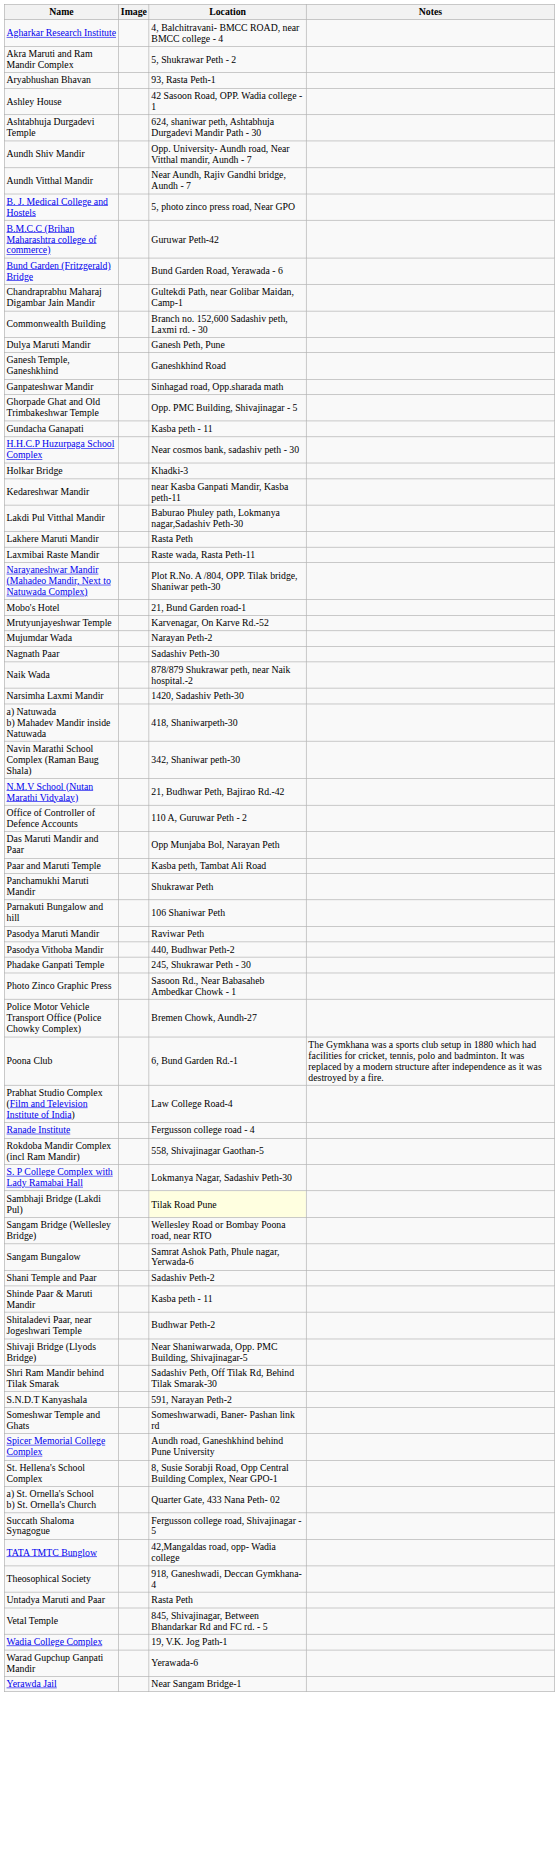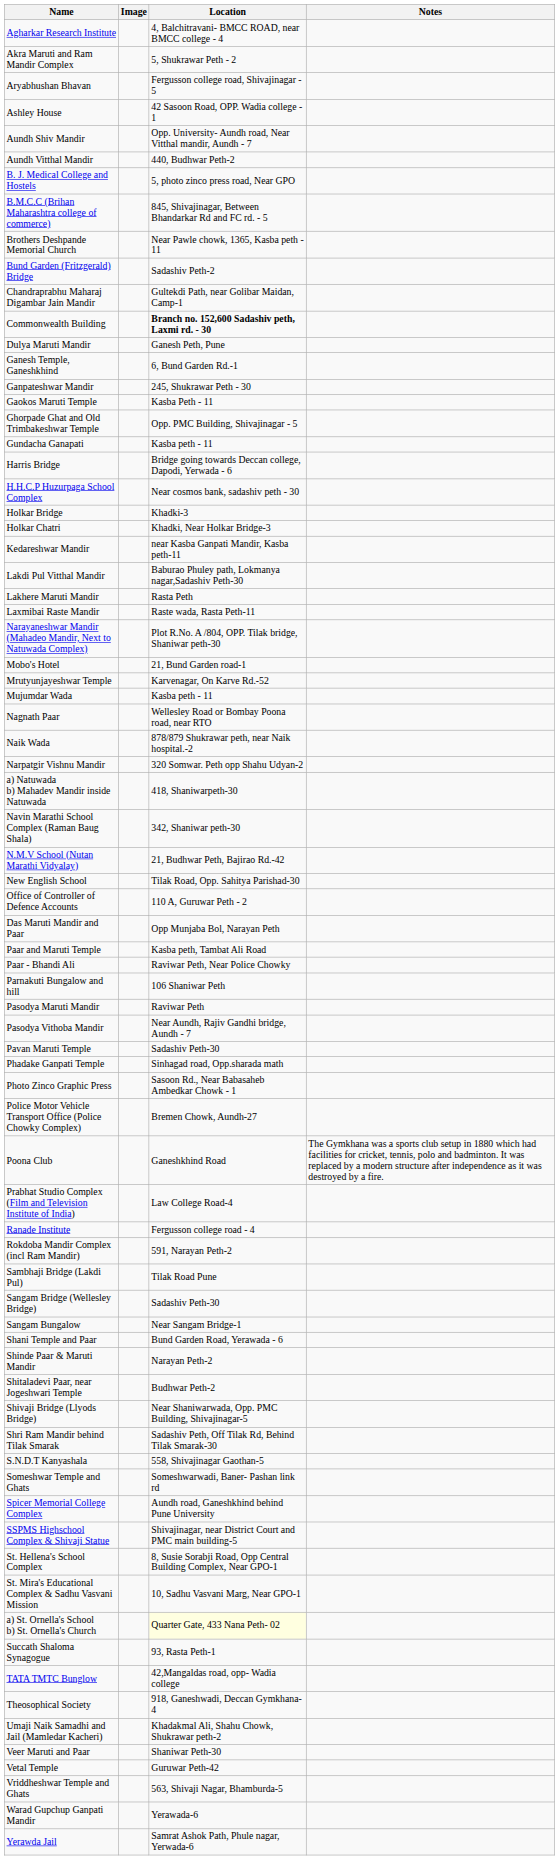 <table class="wikitable sortable">
 <tr>
 <th style="width:180px;">Name</th>
 <th class="unsortable">Image</th>
 <th style="width:250px;">Location</th>
 <th style="width:400px;"class="unsortable">Notes</th>
 </tr>
 <tr>
 <td><a href='#'>Agharkar Research Institute</a></td>
 <td></td>
 <td>4, Balchitravani- BMCC ROAD, near BMCC college - 4<br><small></small></td>
 <td></td>
 </tr>
 <tr>
 <td>Akra Maruti and Ram Mandir Complex</td>
 <td></td>
 <td>5, Shukrawar Peth - 2<br><small></small></td>
 <td></td>
 </tr>
 <tr>
 <td>Aryabhushan Bhavan</td>
 <td></td>
-<td>93, Rasta Peth-1<br><small></small></td>
+<td>Fergusson college road, Shivajinagar - 5<br><small></small></td>
 <td></td>
 </tr>
 <tr>
 <td>Ashley House</td>
 <td></td>
 <td>42 Sasoon Road, OPP. Wadia college - 1<br><small></small></td>
-<td></td>
-</tr>
-<tr>
-<td>Ashtabhuja Durgadevi Temple</td>
-<td></td>
-<td>624, shaniwar peth, Ashtabhuja Durgadevi Mandir Path - 30<br><small></small></td>
 <td></td>
 </tr>
 <tr>
 <td>Aundh Shiv Mandir</td>
 <td></td>
 <td>Opp. University- Aundh road, Near Vitthal mandir, Aundh - 7<br><small></small></td>
 <td></td>
 </tr>
 <tr>
 <td>Aundh Vitthal Mandir</td>
 <td></td>
-<td>Near Aundh, Rajiv Gandhi bridge, Aundh - 7<br><small></small></td>
+<td>440, Budhwar Peth-2<br><small></small></td>
 <td></td>
 </tr>
 <tr>
 <td><a href='#'>B. J. Medical College and Hostels</a></td>
 <td></td>
 <td>5, photo zinco press road, Near GPO<br><small></small></td>
 <td></td>
 </tr>
 <tr>
 <td><a href='#'>B.M.C.C (Brihan Maharashtra college of commerce)</a></td>
 <td></td>
-<td>Guruwar Peth-42<br><small></small></td>
+<td>845, Shivajinagar, Between Bhandarkar Rd and FC rd. - 5<br><small></small></td>
+<td></td>
+</tr>
+<tr>
+<td>Brothers Deshpande Memorial Church</td>
+<td></td>
+<td>Near Pawle chowk, 1365, Kasba peth - 11<br><small></small></td>
 <td></td>
 </tr>
 <tr>
 <td><a href='#'>Bund Garden (Fritzgerald) Bridge</a></td>
 <td></td>
-<td>Bund Garden Road, Yerawada - 6<br><small></small></td>
+<td>Sadashiv Peth-2<br><small></small></td>
 <td></td>
 </tr>
 <tr>
 <td>Chandraprabhu Maharaj Digambar Jain Mandir</td>
 <td></td>
 <td>Gultekdi Path, near Golibar Maidan, Camp-1<br><small></small></td>
 <td></td>
 </tr>
 <tr>
 <td>Commonwealth Building</td>
 <td></td>
-<td>Branch no. 152,600 Sadashiv peth, Laxmi rd. - 30<br><small></small></td>
+<td><strong>Branch no. 152,600 Sadashiv peth, Laxmi rd. - 30<br><small></small></strong></td>
 <td></td>
 </tr>
 <tr>
 <td>Dulya Maruti Mandir</td>
 <td></td>
 <td>Ganesh Peth, Pune<br><small></small></td>
 <td></td>
 </tr>
 <tr>
 <td>Ganesh Temple, Ganeshkhind</td>
 <td></td>
-<td>Ganeshkhind Road<br><small></small></td>
+<td>6, Bund Garden Rd.-1<br><small></small></td>
 <td></td>
 </tr>
 <tr>
 <td>Ganpateshwar Mandir</td>
 <td></td>
-<td>Sinhagad road, Opp.sharada math<br><small></small></td>
+<td>245, Shukrawar Peth - 30</td>
+<td></td>
+</tr>
+<tr>
+<td>Gaokos Maruti Temple</td>
+<td></td>
+<td>Kasba Peth - 11<br><small></small></td>
 <td></td>
 </tr>
 <tr>
 <td>Ghorpade Ghat and Old Trimbakeshwar Temple</td>
 <td></td>
 <td>Opp. PMC Building, Shivajinagar - 5<br><small></small></td>
 <td></td>
 </tr>
 <tr>
 <td>Gundacha Ganapati</td>
 <td></td>
 <td>Kasba peth - 11<br><small></small></td>
 <td></td>
 </tr>
 <tr>
+<td>Harris Bridge</td>
+<td></td>
+<td>Bridge going towards Deccan college, Dapodi, Yerwada - 6<br><small></small></td>
+<td></td>
+</tr>
+<tr>
 <td><a href='#'>H.H.C.P Huzurpaga School Complex</a></td>
 <td></td>
 <td>Near cosmos bank, sadashiv peth - 30<br><small></small></td>
 <td></td>
 </tr>
 <tr>
 <td>Holkar Bridge</td>
 <td></td>
 <td>Khadki-3<br><small></small></td>
+<td></td>
+</tr>
+<tr>
+<td>Holkar Chatri</td>
+<td></td>
+<td>Khadki, Near Holkar Bridge-3<br><small></small></td>
 <td></td>
 </tr>
 <tr>
 <td>Kedareshwar Mandir</td>
 <td></td>
 <td>near Kasba Ganpati Mandir, Kasba peth-11<br><small></small></td>
 <td></td>
 </tr>
 <tr>
 <td>Lakdi Pul Vitthal Mandir</td>
 <td></td>
 <td>Baburao Phuley path, Lokmanya nagar,Sadashiv Peth-30<br><small></small></td>
 <td></td>
 </tr>
 <tr>
 <td>Lakhere Maruti Mandir</td>
 <td></td>
 <td>Rasta Peth<br><small></small></td>
 <td></td>
 </tr>
 <tr>
 <td>Laxmibai Raste Mandir</td>
 <td></td>
 <td>Raste wada, Rasta Peth-11<br><small></small></td>
 <td></td>
 </tr>
 <tr>
 <td><a href='#'>Narayaneshwar Mandir (Mahadeo Mandir, Next to Natuwada Complex)</a></td>
 <td></td>
 <td>Plot R.No. A /804, OPP. Tilak bridge, Shaniwar peth-30<br><small></small></td>
 <td></td>
 </tr>
 <tr>
 <td>Mobo's Hotel</td>
 <td></td>
 <td>21, Bund Garden road-1<br><small></small></td>
 <td></td>
 </tr>
 <tr>
 <td>Mrutyunjayeshwar Temple</td>
 <td></td>
 <td>Karvenagar, On Karve Rd.-52<br><small></small></td>
 <td></td>
 </tr>
 <tr>
 <td>Mujumdar Wada</td>
 <td></td>
-<td>Narayan Peth-2<br><small></small></td>
+<td>Kasba peth - 11<br><small></small></td>
 <td></td>
 </tr>
 <tr>
 <td>Nagnath Paar</td>
 <td></td>
-<td>Sadashiv Peth-30<br><small></small></td>
+<td>Wellesley Road or Bombay Poona road, near RTO<br><small></small></td>
 <td></td>
 </tr>
 <tr>
 <td>Naik Wada</td>
 <td></td>
 <td>878/879 Shukrawar peth, near Naik hospital.-2<br><small></small></td>
 <td></td>
 </tr>
 <tr>
-<td>Narsimha Laxmi Mandir</td>
+<td>Narpatgir Vishnu Mandir</td>
 <td></td>
-<td>1420, Sadashiv Peth-30<br><small></small></td>
+<td>320 Somwar. Peth opp Shahu Udyan-2<br><small></small></td>
 <td></td>
 </tr>
 <tr>
 <td>a) Natuwada<br>b) Mahadev Mandir inside Natuwada</td>
 <td></td>
 <td>418, Shaniwarpeth-30<br><small></small></td>
 <td></td>
 </tr>
 <tr>
 <td>Navin Marathi School Complex (Raman Baug Shala)</td>
 <td></td>
 <td>342, Shaniwar peth-30<br><small></small></td>
 <td></td>
 </tr>
 <tr>
 <td><a href='#'>N.M.V School (Nutan Marathi Vidyalay)</a></td>
 <td></td>
 <td>21, Budhwar Peth, Bajirao Rd.-42<br><small></small></td>
 <td></td>
 </tr>
 <tr>
+<td>New English School</td>
+<td></td>
+<td>Tilak Road, Opp. Sahitya Parishad-30<br><small></small></td>
+<td></td>
+</tr>
+<tr>
 <td>Office of Controller of Defence Accounts</td>
 <td></td>
 <td>110 A, Guruwar Peth - 2<br><small></small></td>
 <td></td>
 </tr>
 <tr>
 <td>Das Maruti Mandir and Paar</td>
 <td></td>
 <td>Opp Munjaba Bol, Narayan Peth<br><small></small></td>
 <td></td>
 </tr>
 <tr>
 <td>Paar and Maruti Temple</td>
 <td></td>
 <td>Kasba peth, Tambat Ali Road<br><small></small></td>
 <td></td>
 </tr>
 <tr>
-<td>Panchamukhi Maruti Mandir</td>
+<td>Paar - Bhandi Ali</td>
 <td></td>
-<td>Shukrawar Peth<br><small></small></td>
+<td>Raviwar Peth, Near Police Chowky<br><small></small></td>
 <td></td>
 </tr>
 <tr>
 <td>Parnakuti Bungalow and hill</td>
 <td></td>
 <td>106 Shaniwar Peth<br><small></small></td>
 <td></td>
 </tr>
 <tr>
 <td>Pasodya Maruti Mandir</td>
 <td></td>
 <td>Raviwar Peth<br><small></small></td>
 <td></td>
 </tr>
 <tr>
 <td>Pasodya Vithoba Mandir</td>
 <td></td>
-<td>440, Budhwar Peth-2<br><small></small></td>
+<td>Near Aundh, Rajiv Gandhi bridge, Aundh - 7<br><small></small></td>
+<td></td>
+</tr>
+<tr>
+<td>Pavan Maruti Temple</td>
+<td></td>
+<td>Sadashiv Peth-30<br><small></small></td>
 <td></td>
 </tr>
 <tr>
 <td>Phadake Ganpati Temple</td>
 <td></td>
-<td>245, Shukrawar Peth - 30</td>
+<td>Sinhagad road, Opp.sharada math<br><small></small></td>
 <td></td>
 </tr>
 <tr>
 <td>Photo Zinco Graphic Press</td>
 <td></td>
 <td>Sasoon Rd., Near Babasaheb Ambedkar Chowk - 1<br><small></small></td>
 <td></td>
 </tr>
 <tr>
 <td>Police Motor Vehicle Transport Office (Police Chowky Complex)</td>
 <td></td>
 <td>Bremen Chowk, Aundh-27<br><small></small></td>
 <td></td>
 </tr>
 <tr>
 <td>Poona Club</td>
 <td></td>
-<td>6, Bund Garden Rd.-1<br><small></small></td>
+<td>Ganeshkhind Road<br><small></small></td>
 <td>The Gymkhana was a sports club setup in 1880 which had facilities for cricket, tennis, polo and badminton. It was replaced by a modern structure after independence as it was destroyed by a fire.</td>
 </tr>
 <tr>
 <td>Prabhat Studio Complex (<a href='#'>Film and Television Institute of India</a>)</td>
 <td></td>
 <td>Law College Road-4<br><small></small></td>
 <td></td>
 </tr>
 <tr>
 <td><a href='#'>Ranade Institute</a></td>
 <td></td>
 <td>Fergusson college road - 4<br><small></small></td>
 <td></td>
 </tr>
 <tr>
 <td>Rokdoba Mandir Complex (incl Ram Mandir)</td>
 <td></td>
-<td>558, Shivajinagar Gaothan-5<br><small></small></td>
-<td></td>
-</tr>
-<tr>
-<td><a href='#'>S. P College Complex with Lady Ramabai Hall</a></td>
-<td></td>
-<td>Lokmanya Nagar, Sadashiv Peth-30<br><small></small></td>
+<td>591, Narayan Peth-2<br><small></small></td>
 <td></td>
 </tr>
 <tr>
 <td>Sambhaji Bridge (Lakdi Pul)</td>
 <td></td>
-<td style="background: lightyellow;">Tilak Road Pune<br><small></small></td>
+<td>Tilak Road Pune<br><small></small></td>
 <td></td>
 </tr>
 <tr>
 <td>Sangam Bridge (Wellesley Bridge)</td>
 <td></td>
-<td>Wellesley Road or Bombay Poona road, near RTO<br><small></small></td>
+<td>Sadashiv Peth-30<br><small></small></td>
 <td></td>
 </tr>
 <tr>
 <td>Sangam Bungalow</td>
 <td></td>
-<td>Samrat Ashok Path, Phule nagar, Yerwada-6<br><small></small></td>
+<td>Near Sangam Bridge-1<br><small></small></td>
 <td></td>
 </tr>
 <tr>
 <td>Shani Temple and Paar</td>
 <td></td>
-<td>Sadashiv Peth-2<br><small></small></td>
+<td>Bund Garden Road, Yerawada - 6<br><small></small></td>
 <td></td>
 </tr>
 <tr>
 <td>Shinde Paar & Maruti Mandir</td>
 <td></td>
-<td>Kasba peth - 11<br><small></small></td>
+<td>Narayan Peth-2<br><small></small></td>
 <td></td>
 </tr>
 <tr>
 <td>Shitaladevi Paar, near Jogeshwari Temple</td>
 <td></td>
 <td>Budhwar Peth-2<br><small></small></td>
 <td></td>
 </tr>
 <tr>
 <td>Shivaji Bridge (Llyods Bridge)</td>
 <td></td>
 <td>Near Shaniwarwada, Opp. PMC Building, Shivajinagar-5<br><small></small></td>
 <td></td>
 </tr>
 <tr>
 <td>Shri Ram Mandir behind Tilak Smarak</td>
 <td></td>
 <td>Sadashiv Peth, Off Tilak Rd, Behind Tilak Smarak-30<br><small></small></td>
 <td></td>
 </tr>
 <tr>
 <td>S.N.D.T Kanyashala</td>
 <td></td>
-<td>591, Narayan Peth-2<br><small></small></td>
+<td>558, Shivajinagar Gaothan-5<br><small></small></td>
 <td></td>
 </tr>
 <tr>
 <td>Someshwar Temple and Ghats</td>
 <td></td>
 <td>Someshwarwadi, Baner- Pashan link rd<br><small></small></td>
 <td></td>
 </tr>
 <tr>
 <td><a href='#'>Spicer Memorial College Complex</a></td>
 <td></td>
 <td>Aundh road, Ganeshkhind behind Pune University<br><small></small></td>
 <td></td>
 </tr>
 <tr>
+<td><a href='#'>SSPMS Highschool Complex & Shivaji Statue</a></td>
+<td></td>
+<td>Shivajinagar, near District Court and PMC main building-5<br><small></small></td>
+<td></td>
+</tr>
+<tr>
 <td>St. Hellena's School Complex</td>
 <td></td>
 <td>8, Susie Sorabji Road, Opp Central Building Complex, Near GPO-1<br><small></small></td>
 <td></td>
 </tr>
 <tr>
+<td>St. Mira's Educational Complex & Sadhu Vasvani Mission</td>
+<td></td>
+<td>10, Sadhu Vasvani Marg, Near GPO-1<br><small></small></td>
+<td></td>
+</tr>
+<tr>
 <td>a) St. Ornella's School<br>b) St. Ornella's Church</td>
 <td></td>
-<td>Quarter Gate, 433 Nana Peth- 02<br><small></small></td>
+<td style="background: lightyellow;">Quarter Gate, 433 Nana Peth- 02<br><small></small></td>
 <td></td>
 </tr>
 <tr>
 <td>Succath Shaloma Synagogue</td>
 <td></td>
-<td>Fergusson college road, Shivajinagar - 5<br><small></small></td>
+<td>93, Rasta Peth-1<br><small></small></td>
 <td></td>
 </tr>
 <tr>
 <td><a href='#'>TATA TMTC Bunglow</a></td>
 <td></td>
 <td>42,Mangaldas road, opp- Wadia college<br><small></small></td>
 <td></td>
 </tr>
 <tr>
 <td>Theosophical Society</td>
 <td></td>
 <td>918, Ganeshwadi, Deccan Gymkhana-4<br><small></small></td>
 <td></td>
 </tr>
 <tr>
-<td>Untadya Maruti and Paar</td>
+<td>Umaji Naik Samadhi and Jail (Mamledar Kacheri)</td>
 <td></td>
-<td>Rasta Peth<br><small></small></td>
+<td>Khadakmal Ali, Shahu Chowk, Shukrawar peth-2<br><small></small></td>
+<td></td>
+</tr>
+<tr>
+<td>Veer Maruti and Paar</td>
+<td></td>
+<td>Shaniwar Peth-30<br><small></small></td>
 <td></td>
 </tr>
 <tr>
 <td>Vetal Temple</td>
 <td></td>
-<td>845, Shivajinagar, Between Bhandarkar Rd and FC rd. - 5<br><small></small></td>
+<td>Guruwar Peth-42<br><small></small></td>
 <td></td>
 </tr>
 <tr>
-<td><a href='#'>Wadia College Complex</a></td>
+<td>Vriddheshwar Temple and Ghats</td>
 <td></td>
-<td>19, V.K. Jog Path-1<br><small></small></td>
+<td>563, Shivaji Nagar, Bhamburda-5<br><small></small></td>
 <td></td>
 </tr>
 <tr>
 <td>Warad Gupchup Ganpati Mandir</td>
 <td></td>
 <td>Yerawada-6<br><small></small></td>
 <td></td>
 </tr>
 <tr>
 <td><a href='#'>Yerawda Jail</a></td>
 <td></td>
-<td>Near Sangam Bridge-1<br><small></small></td>
+<td>Samrat Ashok Path, Phule nagar, Yerwada-6<br><small></small></td>
 <td></td>
 </tr>
 </table>
